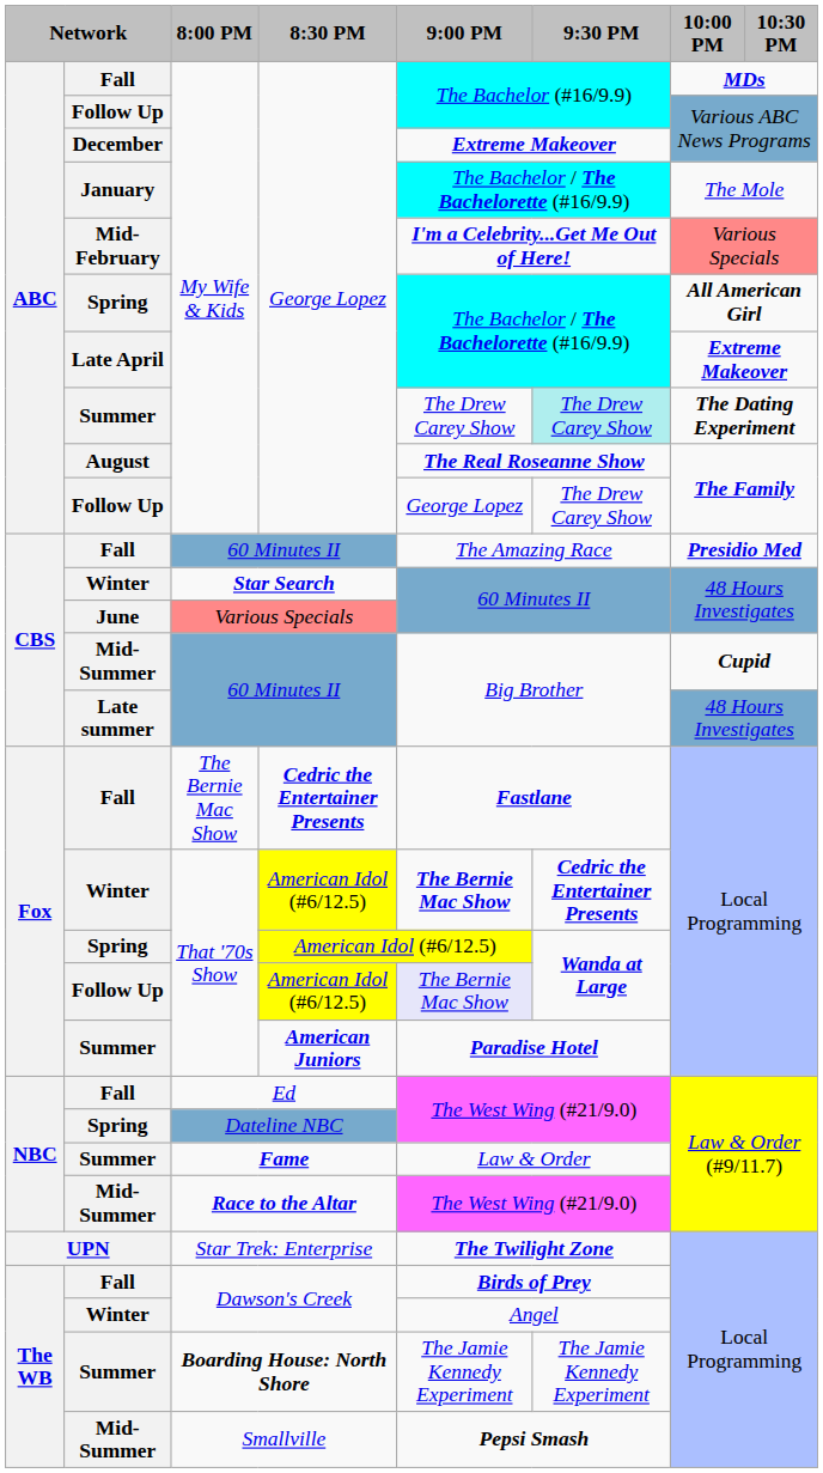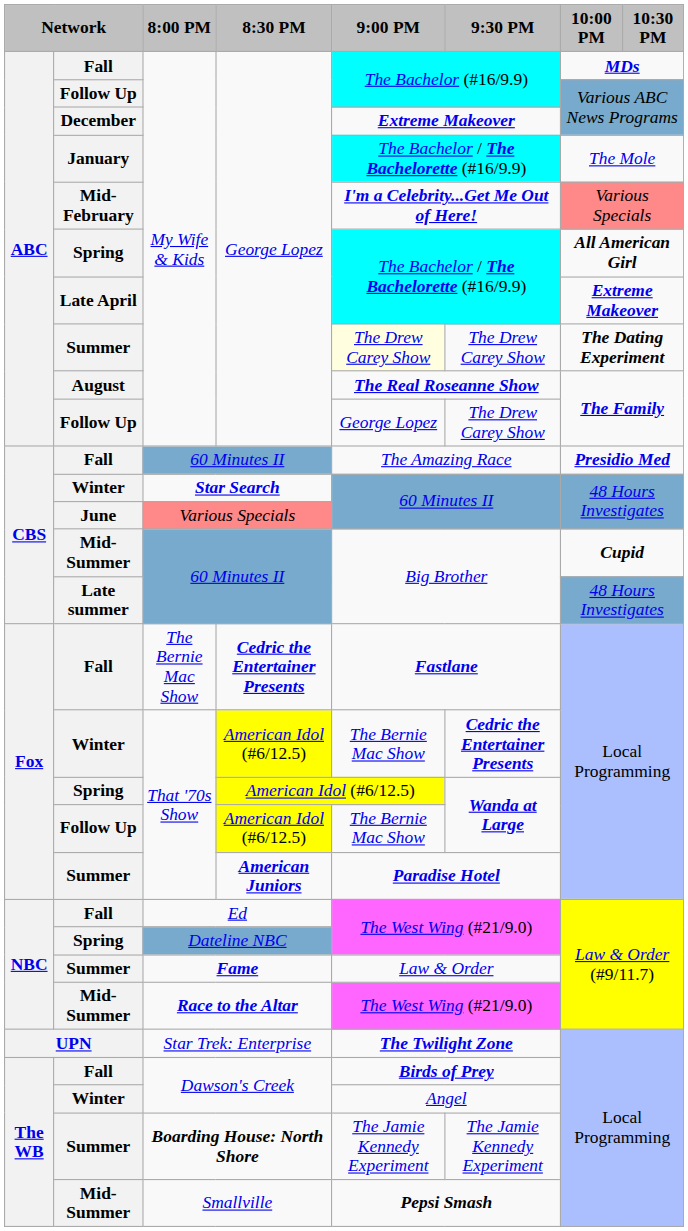 <table class="wikitable" style="width:100%;margin-right:0;text-align:center">
 <tr>
 <th colspan="2" style="background-color:#C0C0C0;text-align:center">Network</th>
 <th style="background-color:#C0C0C0;text-align:center">8:00 PM</th>
 <th style="background-color:#C0C0C0;text-align:center">8:30 PM</th>
 <th style="background-color:#C0C0C0;text-align:center">9:00 PM</th>
 <th style="background-color:#C0C0C0;text-align:center">9:30 PM</th>
 <th style="background-color:#C0C0C0;text-align:center">10:00 PM</th>
 <th style="background-color:#C0C0C0;text-align:center">10:30 PM</th>
 </tr>
 <tr>
 <th rowspan="10"><a href='#'>ABC</a></th>
 <th>Fall</th>
 <td rowspan="10"><em><a href='#'>My Wife & Kids</a></em></td>
 <td rowspan="10"><em><a href='#'>George Lopez</a></em></td>
 <td bgcolor="#00FFFF" colspan="2" rowspan="2"><em><a href='#'>The Bachelor</a></em> (#16/9.9)</td>
 <td colspan="2"><strong><em><a href='#'>MDs</a></em></strong></td>
 </tr>
 <tr>
 <th>Follow Up</th>
 <td bgcolor="#77AACC" colspan="2" rowspan="2"><em>Various ABC News Programs</em></td>
 </tr>
 <tr>
 <th>December</th>
 <td colspan="2"><strong><em><a href='#'>Extreme Makeover</a></em></strong></td>
 </tr>
 <tr>
 <th>January</th>
 <td bgcolor="#00FFFF" colspan="2"><em><a href='#'>The Bachelor</a></em> / <strong><em><a href='#'>The Bachelorette</a></em></strong> (#16/9.9)</td>
 <td colspan="2"><em><a href='#'>The Mole</a></em></td>
 </tr>
 <tr>
 <th>Mid-February</th>
 <td colspan="2"><strong><em><a href='#'>I'm a Celebrity...Get Me Out of Here!</a></em></strong></td>
 <td bgcolor="#FF8888" colspan="2"><em>Various Specials</em></td>
 </tr>
 <tr>
 <th>Spring</th>
 <td bgcolor="#00FFFF" colspan="2" rowspan="2"><em><a href='#'>The Bachelor</a></em> / <strong><em><a href='#'>The Bachelorette</a></em></strong> (#16/9.9)</td>
 <td colspan="2"><strong><em>All American Girl</em></strong></td>
 </tr>
 <tr>
 <th>Late April</th>
 <td colspan="2"><strong><em><a href='#'>Extreme Makeover</a></em></strong></td>
 </tr>
 <tr>
 <th>Summer</th>
+<td style="background: lightyellow;"><em><a href='#'>The Drew Carey Show</a></em></td>
 <td><em><a href='#'>The Drew Carey Show</a></em></td>
-<td style="background: paleturquoise;"><em><a href='#'>The Drew Carey Show</a></em></td>
 <td colspan="2"><strong><em>The Dating Experiment</em></strong></td>
 </tr>
 <tr>
 <th>August</th>
 <td colspan="2"><strong><em><a href='#'>The Real Roseanne Show</a></em></strong></td>
 <td colspan="2" rowspan="2"><strong><em><a href='#'>The Family</a></em></strong></td>
 </tr>
 <tr>
 <th>Follow Up</th>
 <td><em><a href='#'>George Lopez</a></em></td>
 <td><em><a href='#'>The Drew Carey Show</a></em></td>
 </tr>
 <tr>
 <th rowspan="5"><a href='#'>CBS</a></th>
 <th>Fall</th>
 <td bgcolor="#77AACC" colspan="2"><em><a href='#'>60 Minutes II</a></em></td>
 <td colspan="2"><em><a href='#'>The Amazing Race</a></em></td>
 <td colspan="2"><strong><em><a href='#'>Presidio Med</a></em></strong></td>
 </tr>
 <tr>
 <th>Winter</th>
 <td colspan="2"><strong><em><a href='#'>Star Search</a></em></strong></td>
 <td bgcolor="#77AACC" colspan="2" rowspan="2"><em><a href='#'>60 Minutes II</a></em></td>
 <td bgcolor="#77AACC" colspan="2" rowspan="2"><em><a href='#'>48 Hours Investigates</a></em></td>
 </tr>
 <tr>
 <th>June</th>
 <td bgcolor="#FF8888" colspan="2"><em>Various Specials</em></td>
 </tr>
 <tr>
 <th>Mid-Summer</th>
 <td bgcolor="#77AACC" colspan="2" rowspan="2"><em><a href='#'>60 Minutes II</a></em></td>
 <td colspan="2" rowspan="2"><em><a href='#'>Big Brother</a></em></td>
 <td colspan="2"><strong><em>Cupid</em></strong></td>
 </tr>
 <tr>
 <th>Late summer</th>
 <td bgcolor="#77AACC" colspan="2"><em><a href='#'>48 Hours Investigates</a></em></td>
 </tr>
 <tr>
 <th rowspan="5"><a href='#'>Fox</a></th>
 <th>Fall</th>
 <td><em><a href='#'>The Bernie Mac Show</a></em></td>
 <td><strong><em><a href='#'>Cedric the Entertainer Presents</a></em></strong></td>
 <td colspan="2"><strong><em><a href='#'>Fastlane</a></em></strong></td>
 <td bgcolor="#abbfff" colspan="2" rowspan="5">Local Programming</td>
 </tr>
 <tr>
 <th>Winter</th>
 <td rowspan="4"><em><a href='#'>That '70s Show</a></em></td>
 <td bgcolor="#FFFF00"><em><a href='#'>American Idol</a></em> (#6/12.5)</td>
-<td><strong><em><a href='#'>The Bernie Mac Show</a></em></strong></td>
+<td><em><a href='#'>The Bernie Mac Show</a></em></td>
 <td><strong><em><a href='#'>Cedric the Entertainer Presents</a></em></strong></td>
 </tr>
 <tr>
 <th>Spring</th>
 <td colspan="2" bgcolor="#FFFF00"><em><a href='#'>American Idol</a></em> (#6/12.5)</td>
 <td rowspan="2"><strong><em><a href='#'>Wanda at Large</a></em></strong></td>
 </tr>
 <tr>
 <th>Follow Up</th>
 <td bgcolor="#FFFF00"><em><a href='#'>American Idol</a></em> (#6/12.5)</td>
-<td style="background: lavender;"><em><a href='#'>The Bernie Mac Show</a></em></td>
+<td><em><a href='#'>The Bernie Mac Show</a></em></td>
 </tr>
 <tr>
 <th>Summer</th>
 <td><strong><em><a href='#'>American Juniors</a></em></strong></td>
 <td colspan="2"><strong><em><a href='#'>Paradise Hotel</a></em></strong></td>
 </tr>
 <tr>
 <th rowspan="4"><a href='#'>NBC</a></th>
 <th>Fall</th>
 <td colspan="2"><em><a href='#'>Ed</a></em></td>
 <td bgcolor="#FF66FF" rowspan="2" colspan="2"><em><a href='#'>The West Wing</a></em> (#21/9.0)</td>
 <td bgcolor="#FFFF00" rowspan="4" colspan="2"><em><a href='#'>Law & Order</a></em> (#9/11.7)</td>
 </tr>
 <tr>
 <th>Spring</th>
 <td bgcolor="#77AACC" colspan="2"><em><a href='#'>Dateline NBC</a></em></td>
 </tr>
 <tr>
 <th>Summer</th>
 <td colspan="2"><strong><em><a href='#'>Fame</a></em></strong></td>
 <td colspan="2"><em><a href='#'>Law & Order</a></em></td>
 </tr>
 <tr>
 <th>Mid-Summer</th>
 <td colspan="2"><strong><em><a href='#'>Race to the Altar</a></em></strong></td>
 <td bgcolor="#FF66FF" colspan="2"><em><a href='#'>The West Wing</a></em> (#21/9.0)</td>
 </tr>
 <tr>
 <th colspan="2"><a href='#'>UPN</a></th>
 <td colspan="2"><em><a href='#'>Star Trek: Enterprise</a></em></td>
 <td colspan="2"><strong><em><a href='#'>The Twilight Zone</a></em></strong></td>
 <td bgcolor="#abbfff" rowspan="5" colspan="2">Local Programming</td>
 </tr>
 <tr>
 <th rowspan="4"><a href='#'>The WB</a></th>
 <th>Fall</th>
 <td colspan="2" rowspan="2"><em><a href='#'>Dawson's Creek</a></em></td>
 <td colspan="2"><strong><em><a href='#'>Birds of Prey</a></em></strong></td>
 </tr>
 <tr>
 <th>Winter</th>
 <td colspan="2"><em><a href='#'>Angel</a></em></td>
 </tr>
 <tr>
 <th>Summer</th>
 <td colspan="2"><strong><em>Boarding House: North Shore</em></strong></td>
 <td><em><a href='#'>The Jamie Kennedy Experiment</a></em></td>
 <td><em><a href='#'>The Jamie Kennedy Experiment</a></em></td>
 </tr>
 <tr>
 <th>Mid-Summer</th>
 <td colspan="2"><em><a href='#'>Smallville</a></em></td>
 <td colspan="2"><strong><em>Pepsi Smash</em></strong></td>
 </tr>
 </table>
